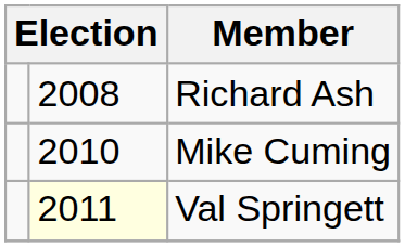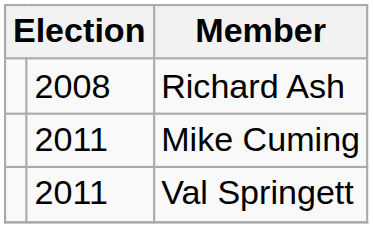 <table class="wikitable">
 <tr>
 <th colspan="2">Election</th>
 <th>Member</th>
 </tr>
 <tr>
 <td style="background-color: "></td>
 <td>2008</td>
 <td>Richard Ash</td>
 </tr>
 <tr>
 <td style="background-color: "></td>
-<td>2010</td>
+<td>2011</td>
 <td>Mike Cuming</td>
 </tr>
 <tr>
 <td style="background-color: "></td>
-<td style="background: lightyellow;">2011</td>
+<td>2011</td>
 <td>Val Springett</td>
 </tr>
 <tr>
 </tr>
 </table>
